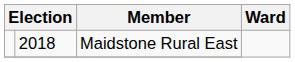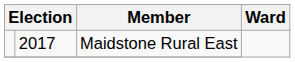 <table class="wikitable">
 <tr>
 <th colspan="2">Election</th>
 <th>Member</th>
 <th>Ward</th>
 </tr>
 <tr>
 <td style="background-color: "></td>
-<td>2018</td>
+<td>2017</td>
 <td Shellina Prendergast>Maidstone Rural East</td>
 </tr>
 <tr>
 </tr>
 </table>
